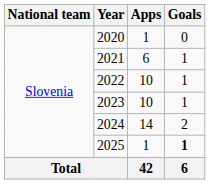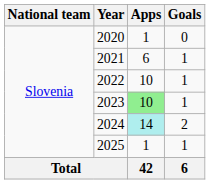 <table class="wikitable" style="text-align: center;">
 <tr>
 <th>National team</th>
 <th>Year</th>
 <th>Apps</th>
 <th>Goals</th>
 </tr>
 <tr>
 <td rowspan="6" valign="center"><a href='#'>Slovenia</a></td>
 <td>2020</td>
 <td>1</td>
 <td>0</td>
 </tr>
 <tr>
 <td>2021</td>
 <td>6</td>
 <td>1</td>
 </tr>
 <tr>
 <td>2022</td>
 <td>10</td>
 <td>1</td>
 </tr>
 <tr>
 <td>2023</td>
-<td>10</td>
+<td style="background: lightgreen;">10</td>
 <td>1</td>
 </tr>
 <tr>
 <td>2024</td>
-<td>14</td>
+<td style="background: paleturquoise;">14</td>
 <td>2</td>
 </tr>
 <tr>
 <td>2025</td>
 <td>1</td>
-<td><strong>1</strong></td>
+<td>1</td>
 </tr>
 <tr>
 <th colspan="2">Total</th>
 <th>42</th>
 <th>6</th>
 </tr>
 </table>
